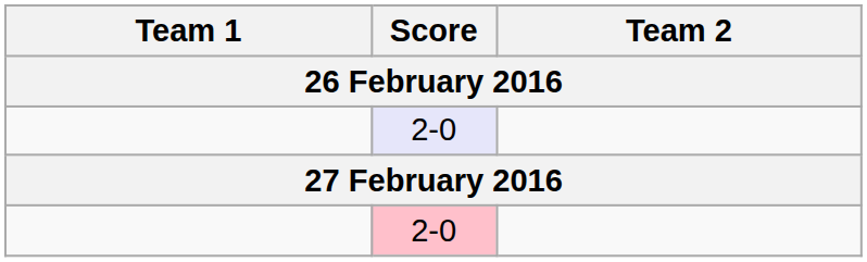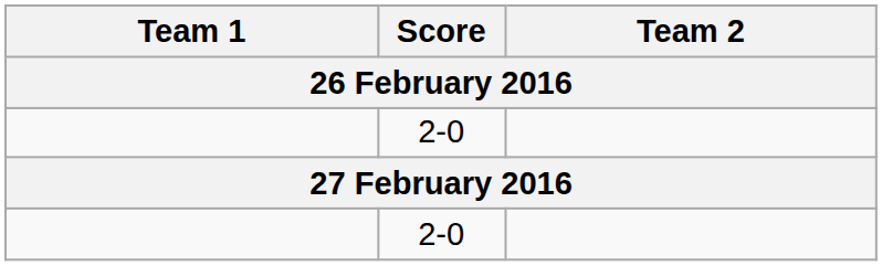 <table class="wikitable" style="text-align: center; font-size:90% ">
 <tr>
 <th align="right" width="160">Team 1</th>
 <th width="50">Score</th>
 <th align="left" width="160">Team 2</th>
 </tr>
 <tr>
 <th colspan=3>26 February 2016</th>
 </tr>
 <tr>
 <td align=right></td>
-<td align=center style="background: lavender;">2-0<br></td>
+<td align=center>2-0<br></td>
 <td align=left></td>
 </tr>
 <tr>
 <th colspan=3>27 February 2016</th>
 </tr>
 <tr>
 <td align=right></td>
-<td align=center style="background: pink;">2-0</td>
+<td align=center>2-0</td>
 <td align=left></td>
 </tr>
 </table>
